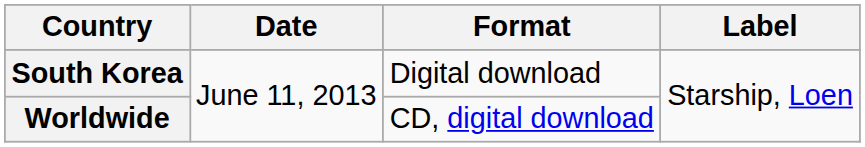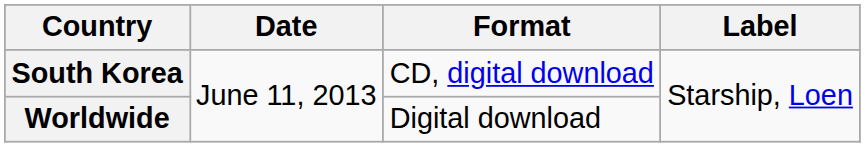 <table class="wikitable plainrowheaders">
 <tr>
 <th scope="col">Country</th>
 <th>Date</th>
 <th>Format</th>
 <th>Label</th>
 </tr>
 <tr>
 <th scope="row">South Korea</th>
 <td rowspan="2">June 11, 2013</td>
-<td>Digital download</td>
+<td>CD, <a href='#'>digital download</a></td>
 <td rowspan="2">Starship, <a href='#'>Loen</a></td>
 </tr>
 <tr>
 <th scope="row">Worldwide</th>
-<td>CD, <a href='#'>digital download</a></td>
+<td>Digital download</td>
 </tr>
 </table>
